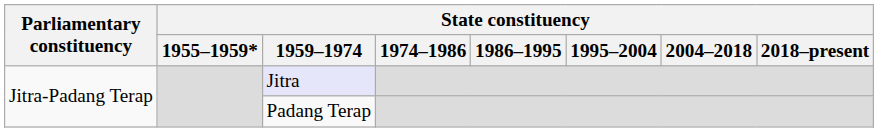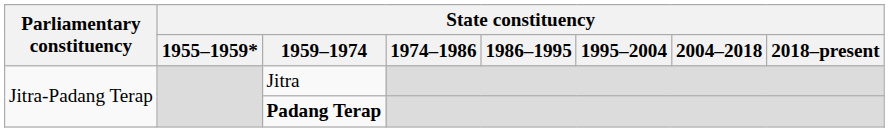 <table class="wikitable">
 <tr>
 <th rowspan="2">Parliamentary<br>constituency</th>
 <th colspan="7">State constituency</th>
 </tr>
 <tr>
 <th>1955–1959*</th>
 <th>1959–1974</th>
 <th>1974–1986</th>
 <th>1986–1995</th>
 <th>1995–2004</th>
 <th>2004–2018</th>
 <th>2018–present</th>
 </tr>
 <tr>
 <td rowspan="2">Jitra-Padang Terap</td>
 <td rowspan="2" bgcolor="dcdcdc"></td>
-<td style="background: lavender;">Jitra</td>
+<td>Jitra</td>
 <td colspan="5" bgcolor="dcdcdc"></td>
 </tr>
 <tr>
-<td>Padang Terap</td>
+<td><strong>Padang Terap</strong></td>
 <td colspan="5" bgcolor="dcdcdc"></td>
 </tr>
 </table>
